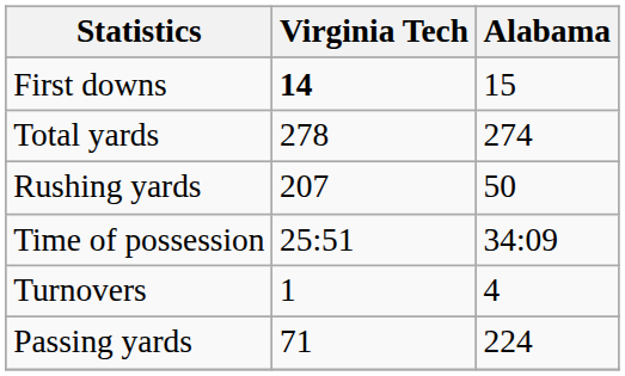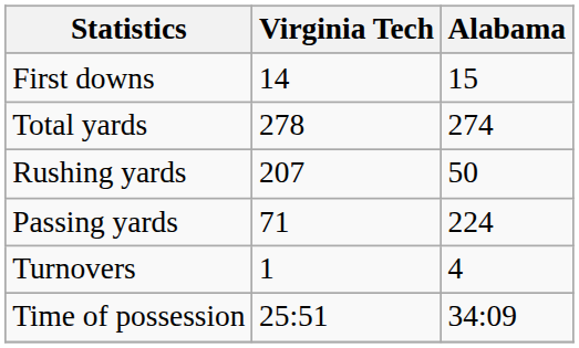 <table class="wikitable" style="float: left;">
 <tr>
 <th>Statistics</th>
 <th style=>Virginia Tech</th>
 <th>Alabama</th>
 </tr>
 <tr>
 <td>First downs</td>
-<td><strong>14</strong></td>
+<td>14</td>
 <td>15</td>
 </tr>
 <tr>
 <td>Total yards</td>
 <td>278</td>
 <td>274</td>
 </tr>
 <tr>
 <td>Rushing yards</td>
 <td>207</td>
 <td>50</td>
 </tr>
 <tr>
-<td>Time of possession</td>
-<td>25:51</td>
-<td>34:09</td>
+<td>Passing yards</td>
+<td>71</td>
+<td>224</td>
 </tr>
 <tr>
 <td>Turnovers</td>
 <td>1</td>
 <td>4</td>
 </tr>
 <tr>
-<td>Passing yards</td>
-<td>71</td>
-<td>224</td>
+<td>Time of possession</td>
+<td>25:51</td>
+<td>34:09</td>
 </tr>
 <tr>
 </tr>
 </table>
